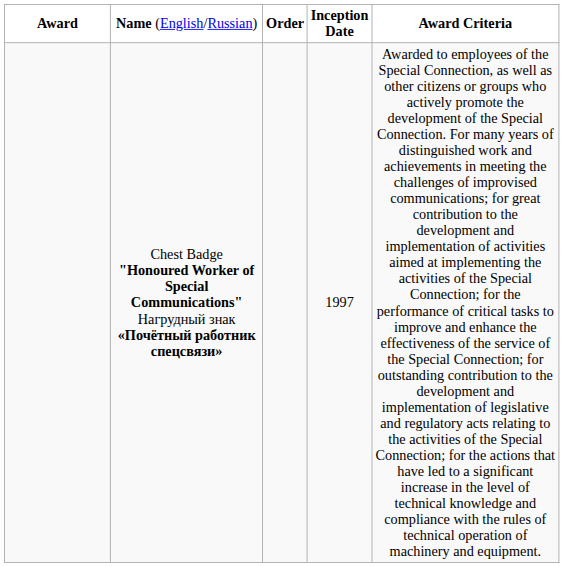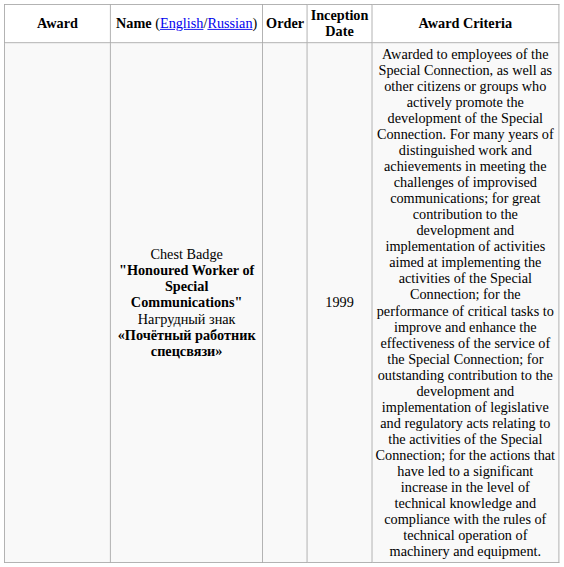 <table class="wikitable sortable" width="100%">
 <tr>
 <td width="20%" bgcolor="#FFFFFF" style="text-align:center;"><strong>Award</strong></td>
 <td width="28%" bgcolor="#FFFFFF" style="text-align:center;"><strong>Name</strong> (<a href='#'>English</a>/<a href='#'>Russian</a>)</td>
 <td width="07%" bgcolor="#FFFFFF" style="text-align:center;"><strong>Order</strong></td>
 <td width="10%" bgcolor="#FFFFFF" style="text-align:center;"><strong>Inception Date</strong></td>
 <td width="35%" bgcolor="#FFFFFF" style="text-align:center;"><strong>Award Criteria</strong></td>
 </tr>
 <tr>
 <td></td>
 <td style="text-align:center;">Chest Badge<br><strong>"Honoured Worker of Special Communications"</strong><br>Нагрудный знак<br><strong>«Почётный работник спецсвязи»</strong></td>
 <td></td>
-<td style="text-align:center;">1997</td>
+<td style="text-align:center;">1999</td>
 <td style="text-align:center;">Awarded to employees of the Special Connection, as well as other citizens or groups who actively promote the development of the Special Connection. For many years of distinguished work and achievements in meeting the challenges of improvised communications; for great contribution to the development and implementation of activities aimed at implementing the activities of the Special Connection; for the performance of critical tasks to improve and enhance the effectiveness of the service of the Special Connection; for outstanding contribution to the development and implementation of legislative and regulatory acts relating to the activities of the Special Connection; for the actions that have led to a significant increase in the level of technical knowledge and compliance with the rules of technical operation of machinery and equipment.</td>
 </tr>
 </table>
